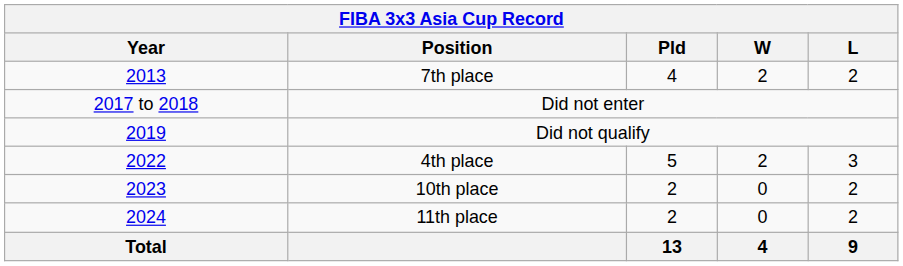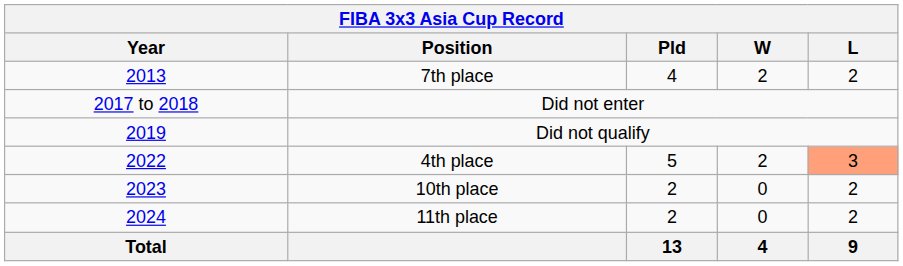 <table class="wikitable collapsible autocollapse" style="text-align: center; font-size:95%;" width=60%>
 <tr>
 <th colspan=9><a href='#'>FIBA 3x3 Asia Cup Record</a></th>
 </tr>
 <tr>
 <th width=25%>Year</th>
 <th width=30%>Position</th>
 <th width=8%>Pld</th>
 <th width=8%>W</th>
 <th width=8%>L</th>
 </tr>
 <tr>
 <td> <a href='#'>2013</a></td>
 <td>7th place</td>
 <td>4</td>
 <td>2</td>
 <td>2</td>
 </tr>
 <tr>
 <td> <a href='#'>2017</a> to  <a href='#'>2018</a></td>
 <td colspan=4>Did not enter</td>
 </tr>
 <tr>
 <td> <a href='#'>2019</a></td>
 <td colspan=4>Did not qualify</td>
 </tr>
 <tr>
 <td> <a href='#'>2022</a></td>
 <td>4th place</td>
 <td>5</td>
 <td>2</td>
-<td>3</td>
+<td style="background: lightsalmon;">3</td>
 </tr>
 <tr>
 <td> <a href='#'>2023</a></td>
 <td>10th place</td>
 <td>2</td>
 <td>0</td>
 <td>2</td>
 </tr>
 <tr>
 <td> <a href='#'>2024</a></td>
 <td>11th place</td>
 <td>2</td>
 <td>0</td>
 <td>2</td>
 </tr>
 <tr>
 <th><strong>Total</strong></th>
 <th></th>
 <th>13</th>
 <th>4</th>
 <th>9</th>
 </tr>
 </table>
